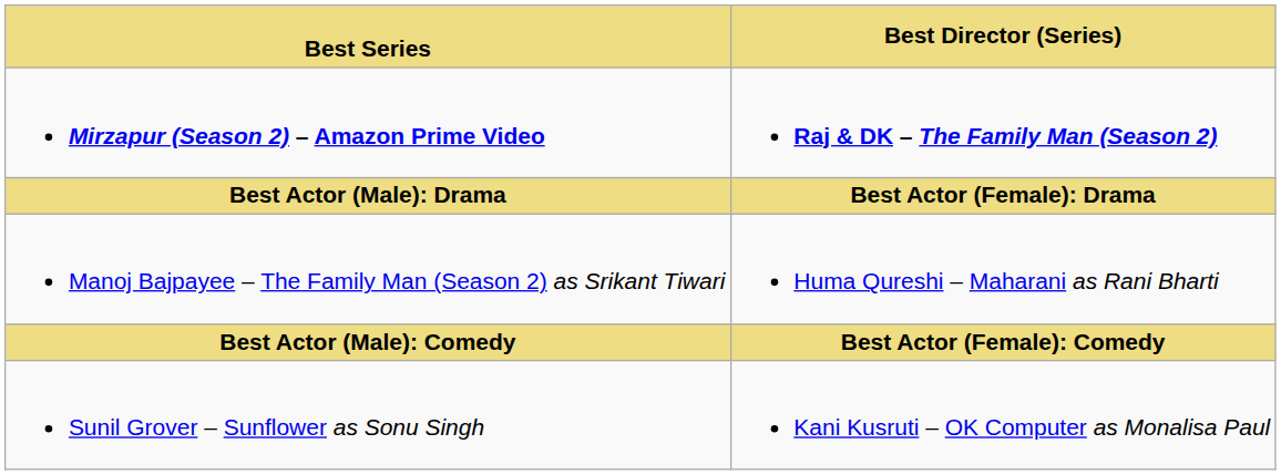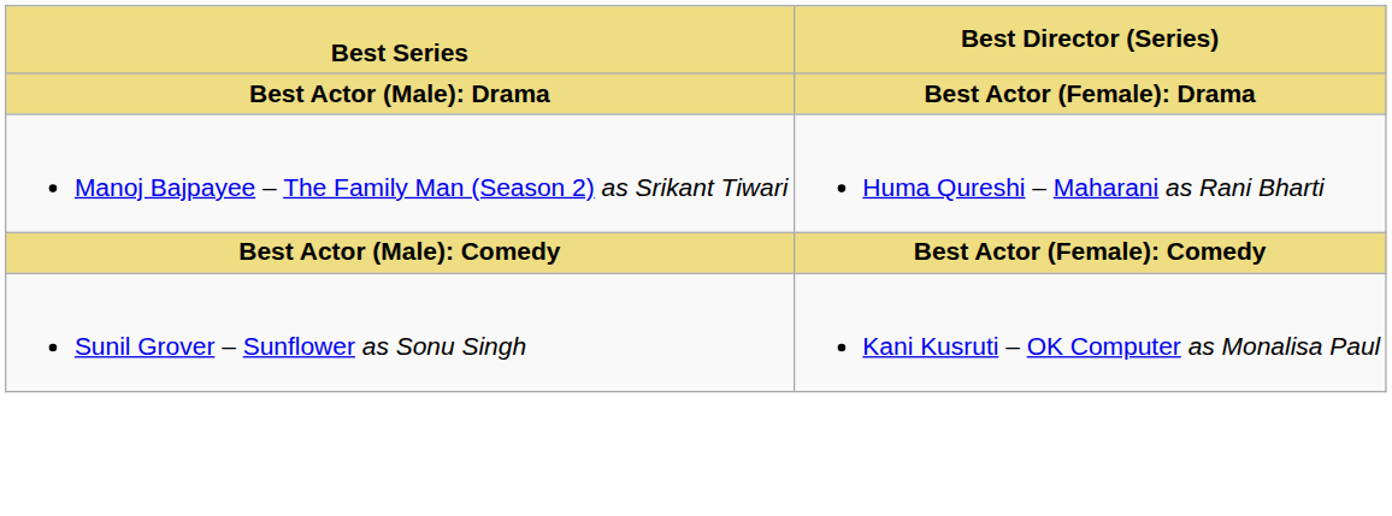 <table class="wikitable">
 <tr>
 <th colspan=1 style="background:#EEDD82;"><br>Best Series</th>
 <th colspan=1 style="background:#EEDD82;">Best Director (Series)</th>
-</tr>
-<tr>
-<td colspan=1><br><ul><li><strong><a href='#'><em>Mirzapur (Season 2)</em></a> – <a href='#'>Amazon Prime Video</a></strong></li></ul></td>
-<td colspan=1><br><ul><li><strong><a href='#'>Raj & DK</a></strong> <strong>– <em><a href='#'>The Family Man (Season 2)</a><strong><em></li></ul></td>
 </tr>
 <tr>
 <th colspan=1 style="background:#EEDD82;">Best Actor (Male): Drama</th>
 <th colspan=1 style="background:#EEDD82;">Best Actor (Female): Drama</th>
 </tr>
 <tr>
 <td colspan=1><br><ul><li></strong><a href='#'>Manoj Bajpayee</a> – </em><a href='#'>The Family Man (Season 2)</a><em> as Srikant Tiwari<strong></li></ul></td>
 <td colspan=1><br><ul><li></strong><a href='#'>Huma Qureshi</a> – </em><a href='#'>Maharani</a><em> as Rani Bharti<strong></li></ul></td>
 </tr>
 <tr>
 <th colspan=1 style="background:#EEDD82;">Best Actor (Male): Comedy</th>
 <th colspan=1 style="background:#EEDD82;">Best Actor (Female): Comedy</th>
 </tr>
 <tr>
 <td colspan=1><br><ul><li></strong><a href='#'>Sunil Grover</a> – </em><a href='#'>Sunflower</a><em> as Sonu Singh<strong></li></ul></td>
 <td colspan=1><br><ul><li></strong><a href='#'>Kani Kusruti</a> – </em><a href='#'>OK Computer</a><em> as Monalisa Paul<strong></li></ul></td>
 </tr>
 </table>
